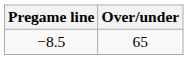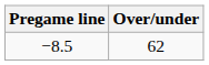 <table class="wikitable" style="margin-left: auto; margin-right: auto; border: none; display: inline-table;">
 <tr style="text-align:center">
 <th style=>Pregame line</th>
 <th style=>Over/under</th>
 </tr>
 <tr style="text-align:center">
 <td>−8.5</td>
-<td>65</td>
+<td>62</td>
 </tr>
 </table>
